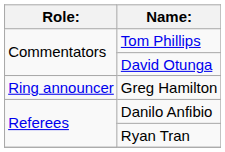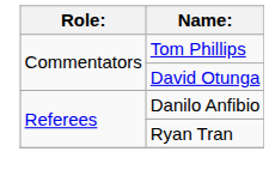 <table class=wikitable style="font-size:90%; margin: 0.5em 0 0.5em 1em; float: right; clear: right;">
 <tr>
 <th>Role:</th>
 <th>Name:</th>
 </tr>
 <tr>
 <td rowspan=2>Commentators</td>
 <td><a href='#'>Tom Phillips</a></td>
 </tr>
 <tr>
 <td><a href='#'>David Otunga</a></td>
 </tr>
 <tr>
-<td rowspan=1><a href='#'>Ring announcer</a></td>
-<td>Greg Hamilton</td>
-</tr>
-<tr>
 <td rowspan=2><a href='#'>Referees</a></td>
 <td>Danilo Anfibio</td>
 </tr>
 <tr>
 <td>Ryan Tran</td>
 </tr>
 <tr>
 </tr>
 </table>
